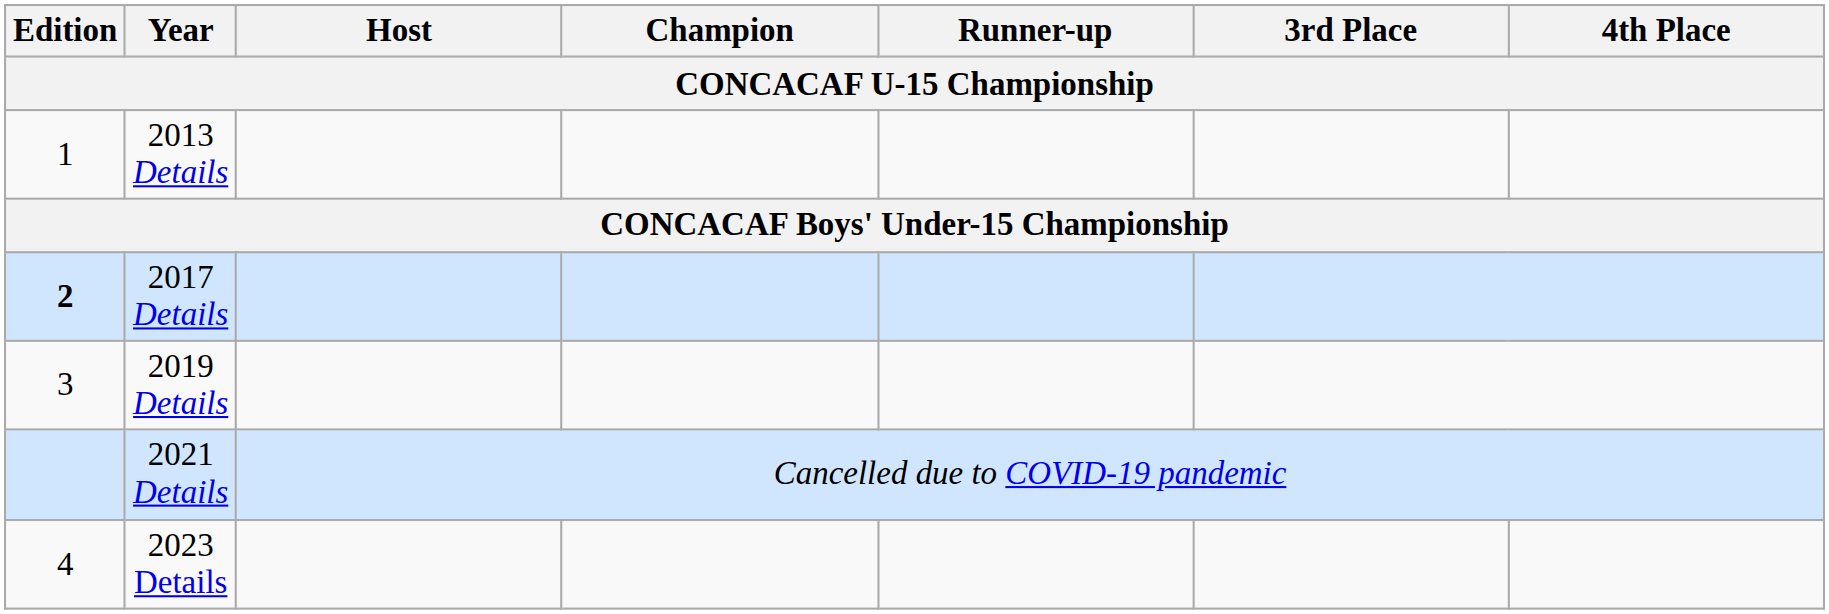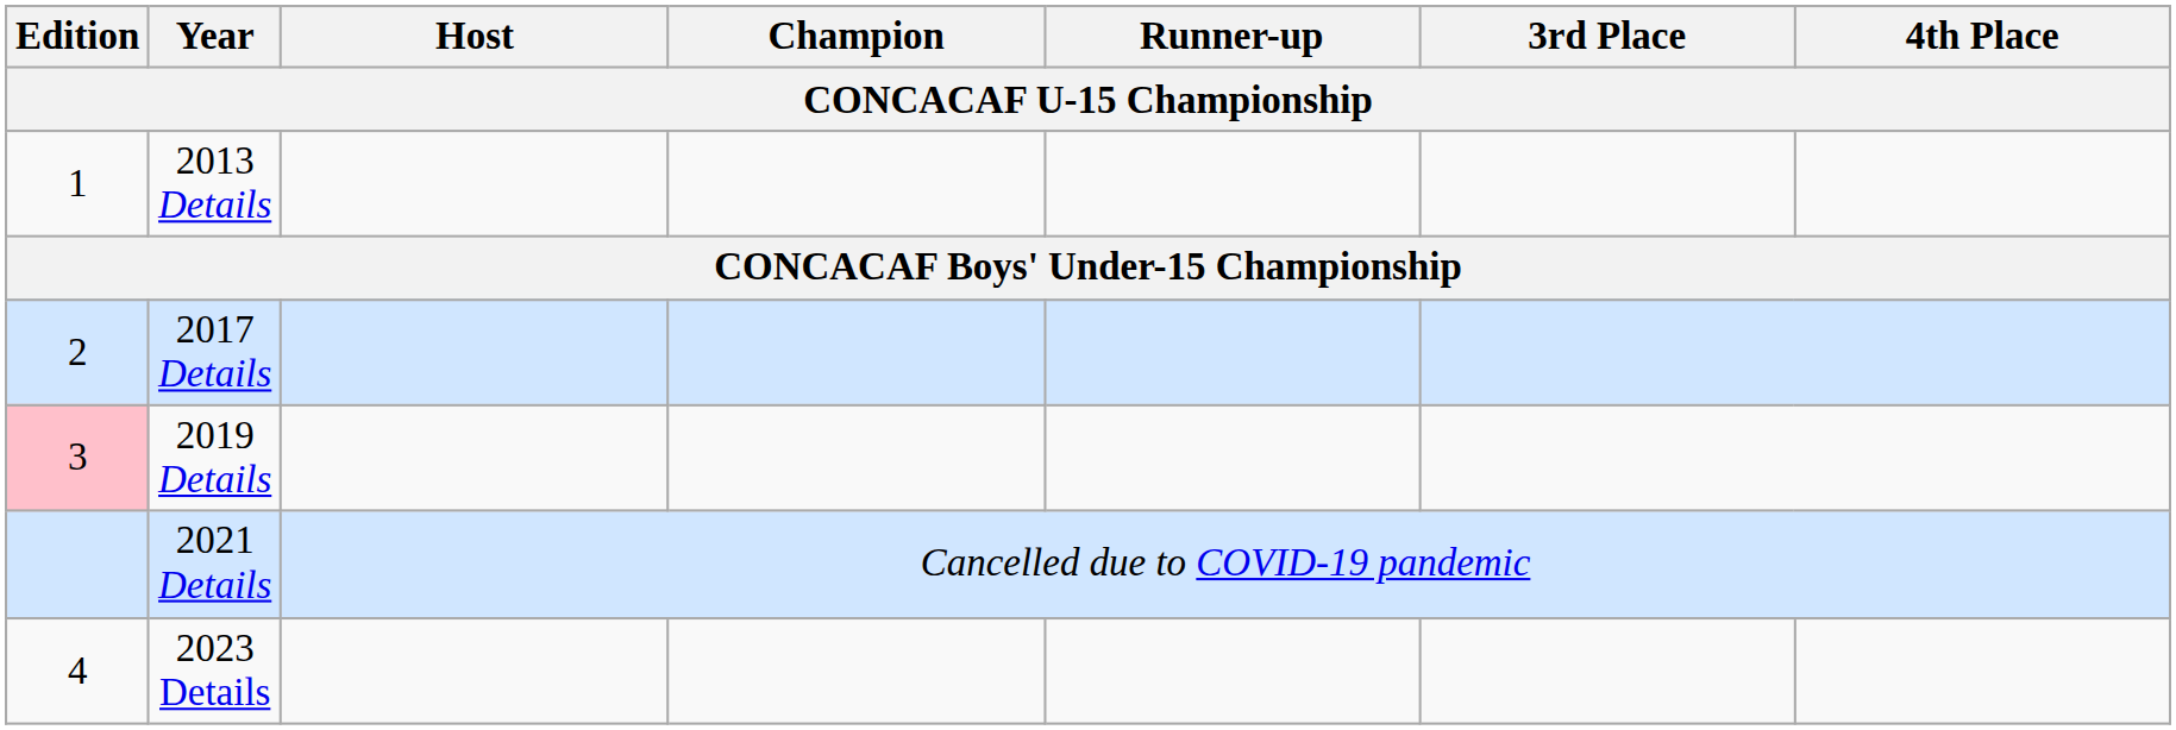 <table class="wikitable" width="100%">
 <tr>
 <th width="20">Edition</th>
 <th width="35">Year</th>
 <th width="150">Host</th>
 <th width="145">Champion</th>
 <th width="145">Runner-up</th>
 <th width="145">3rd Place</th>
 <th width="145">4th Place</th>
 </tr>
 <tr>
 <th colspan="7">CONCACAF U-15 Championship</th>
 </tr>
 <tr>
 <td align="center">1</td>
 <td align="center">2013<br><a href='#'><em>Details</em></a></td>
 <td align="center"></td>
 <td></td>
 <td></td>
 <td></td>
 <td></td>
 </tr>
 <tr>
 <th colspan="7">CONCACAF Boys' Under-15 Championship</th>
 </tr>
 <tr style="background: #D0E6FF;">
-<td align="center"><strong>2</strong></td>
+<td align="center">2</td>
 <td align="center">2017<br><a href='#'><em>Details</em></a></td>
 <td align="center"></td>
 <td></td>
 <td></td>
 <td colspan=2><br></td>
 </tr>
 <tr>
-<td align="center">3</td>
+<td align="center" style="background: pink;">3</td>
 <td align="center">2019<br><a href='#'><em>Details</em></a></td>
 <td align="center"></td>
 <td></td>
 <td></td>
 <td colspan=2><br></td>
 </tr>
 <tr style="background: #D0E6FF;">
 <td align="center"></td>
 <td align="center">2021<br><a href='#'><em>Details</em></a></td>
 <td align="center" colspan="5"><em>Cancelled due to <a href='#'>COVID-19 pandemic</a></td>
 </tr>
 <tr>
 <td align="center">4</td>
 <td align="center">2023<br><a href='#'></em>Details<em></a></td>
 <td align="center"><br></td>
 <td></td>
 <td></td>
 <td></td>
 <td></td>
 </tr>
 </table>
